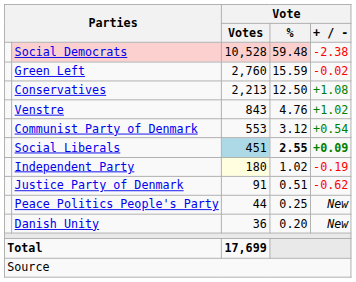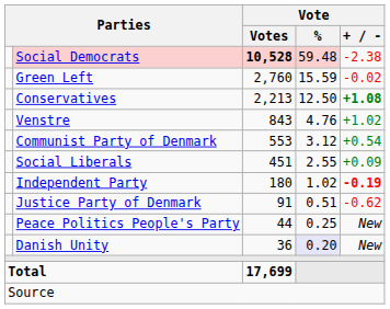 <table class="wikitable" style="text-align:right;">
 <tr>
 <th style="text-align:centre;" rowspan="2" colspan="2" width="225">Parties</th>
 <th colspan="3">Vote</th>
 </tr>
 <tr>
 <th width="15">Votes</th>
 <th width="15">%</th>
 <th width="15">+ / -</th>
 </tr>
 <tr>
 <td width="2" style="color:inherit;background:"></td>
 <td bgcolor=#fbd0ce  align="left"><a href='#'>Social Democrats</a></td>
-<td bgcolor=#fbd0ce>10,528</td>
+<td bgcolor=#fbd0ce><strong>10,528</strong></td>
 <td bgcolor=#fbd0ce>59.48</td>
 <td style=color:red;>-2.38</td>
 </tr>
 <tr>
 <td width="2" style="color:inherit;background:"></td>
 <td align="left"><a href='#'>Green Left</a></td>
 <td>2,760</td>
 <td>15.59</td>
 <td style=color:red;>-0.02</td>
 </tr>
 <tr>
 <td width="2" style="color:inherit;background:"></td>
 <td align="left"><a href='#'>Conservatives</a></td>
 <td>2,213</td>
 <td>12.50</td>
-<td style=color:green;>+1.08</td>
+<td style=color:green;><strong>+1.08</strong></td>
 </tr>
 <tr>
 <td width="2" style="color:inherit;background:"></td>
 <td align="left"><a href='#'>Venstre</a></td>
 <td>843</td>
 <td>4.76</td>
 <td style=color:green;>+1.02</td>
 </tr>
 <tr>
 <td width="2" style="color:inherit;background:"></td>
 <td align="left"><a href='#'>Communist Party of Denmark</a></td>
 <td>553</td>
 <td>3.12</td>
 <td style=color:green;>+0.54</td>
 </tr>
 <tr>
 <td width="2" style="color:inherit;background:"></td>
 <td align="left"><a href='#'>Social Liberals</a></td>
-<td style="background: lightblue;">451</td>
-<td><strong>2.55</strong></td>
-<td style=color:green;><strong>+0.09</strong></td>
+<td>451</td>
+<td>2.55</td>
+<td style=color:green;>+0.09</td>
 </tr>
 <tr>
 <td width="2" style="color:inherit;background:"></td>
 <td align="left"><a href='#'>Independent Party</a></td>
-<td style="background: lightyellow;">180</td>
+<td>180</td>
 <td>1.02</td>
-<td style=color:red;>-0.19</td>
+<td style=color:red;><strong>-0.19</strong></td>
 </tr>
 <tr>
 <td width="2" style="color:inherit;background:"></td>
 <td align="left"><a href='#'>Justice Party of Denmark</a></td>
 <td>91</td>
 <td>0.51</td>
 <td style=color:red;>-0.62</td>
 </tr>
 <tr>
 <td width="2" style="color:inherit;background:"></td>
 <td align="left"><a href='#'>Peace Politics People's Party</a></td>
 <td>44</td>
 <td>0.25</td>
 <td><em>New</em></td>
 </tr>
 <tr>
 <td width="2" style="color:inherit;background:"></td>
 <td align="left"><a href='#'>Danish Unity</a></td>
 <td>36</td>
-<td>0.20</td>
+<td style="background: lavender;">0.20</td>
 <td><em>New</em></td>
 </tr>
 <tr>
 <td colspan="7" bgcolor="#E9E9E9"></td>
 </tr>
 <tr>
 <td align="left" colspan="2"><strong>Total</strong></td>
 <td><strong>17,699</strong></td>
 <td bgcolor="#E9E9E9" colspan="2"></td>
 </tr>
 <tr>
 <td align="left" colspan="6">Source</td>
 </tr>
 </table>
